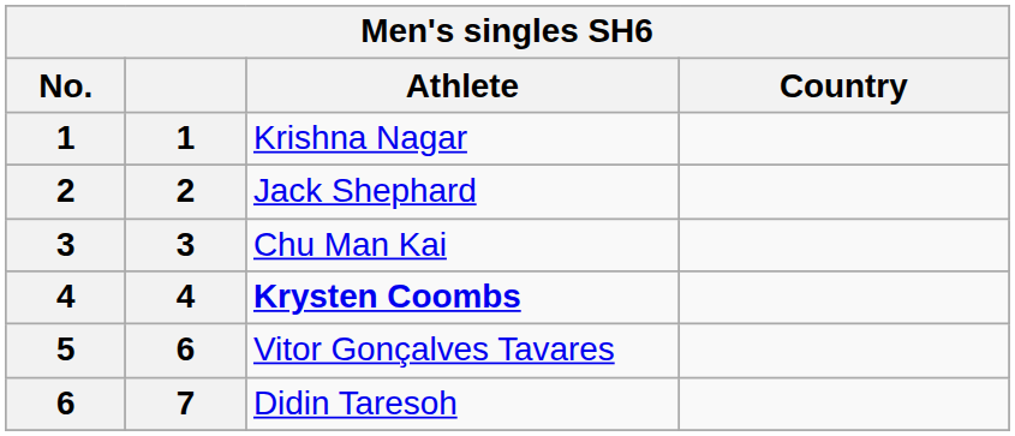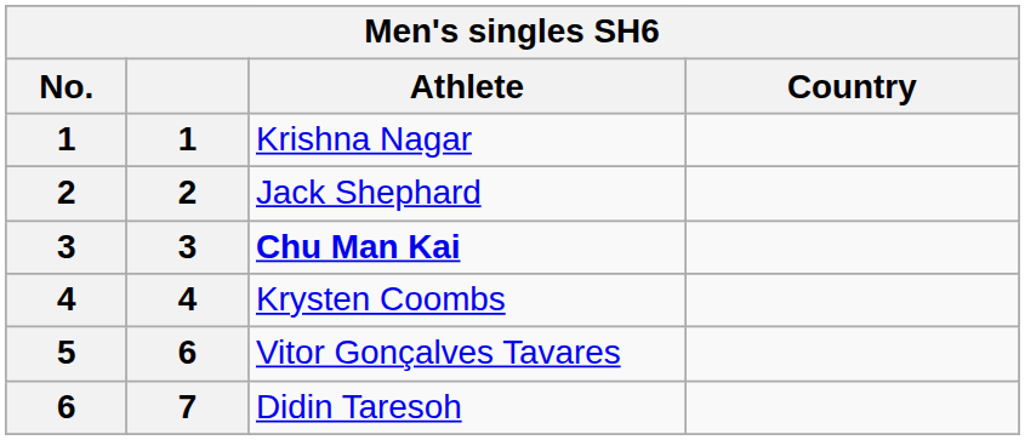 <table class="wikitable">
 <tr>
 <th colspan="4">Men's singles SH6</th>
 </tr>
 <tr>
 <th width="50">No.</th>
 <th width="50"></th>
 <th width="200">Athlete</th>
 <th width="150">Country</th>
 </tr>
 <tr>
 <th>1</th>
 <th>1</th>
 <td><a href='#'>Krishna Nagar</a></td>
 <td></td>
 </tr>
 <tr>
 <th>2</th>
 <th>2</th>
 <td><a href='#'>Jack Shephard</a></td>
 <td></td>
 </tr>
 <tr>
 <th>3</th>
 <th>3</th>
-<td><a href='#'>Chu Man Kai</a></td>
+<td><strong><a href='#'>Chu Man Kai</a></strong></td>
 <td></td>
 </tr>
 <tr>
 <th>4</th>
 <th>4</th>
-<td><strong><a href='#'>Krysten Coombs</a></strong></td>
+<td><a href='#'>Krysten Coombs</a></td>
 <td></td>
 </tr>
 <tr>
 <th>5</th>
 <th>6</th>
 <td><a href='#'>Vitor Gonçalves Tavares</a></td>
 <td></td>
 </tr>
 <tr>
 <th>6</th>
 <th>7</th>
 <td><a href='#'>Didin Taresoh</a></td>
 <td></td>
 </tr>
 </table>
